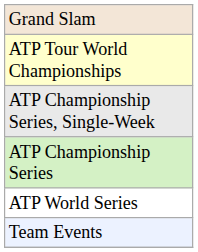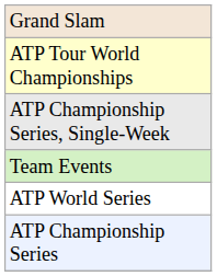 <table class="wikitable" style="font-size:95%;" width=18%>
 <tr style="background:#F3E6D7;">
 <td>Grand Slam</td>
 </tr>
 <tr style="background:#FFFFCC;">
 <td>ATP Tour World Championships</td>
 </tr>
 <tr style="background:#E9E9E9;">
 <td>ATP Championship Series, Single-Week</td>
 </tr>
 <tr style="background:#D4F1C5;">
-<td>ATP Championship Series</td>
+<td>Team Events</td>
 </tr>
 <tr style="background:#FFF;">
 <td>ATP World Series</td>
 </tr>
 <tr style="background:#ECF2FF;">
-<td>Team Events</td>
+<td>ATP Championship Series</td>
 </tr>
 <tr>
 </tr>
 </table>
